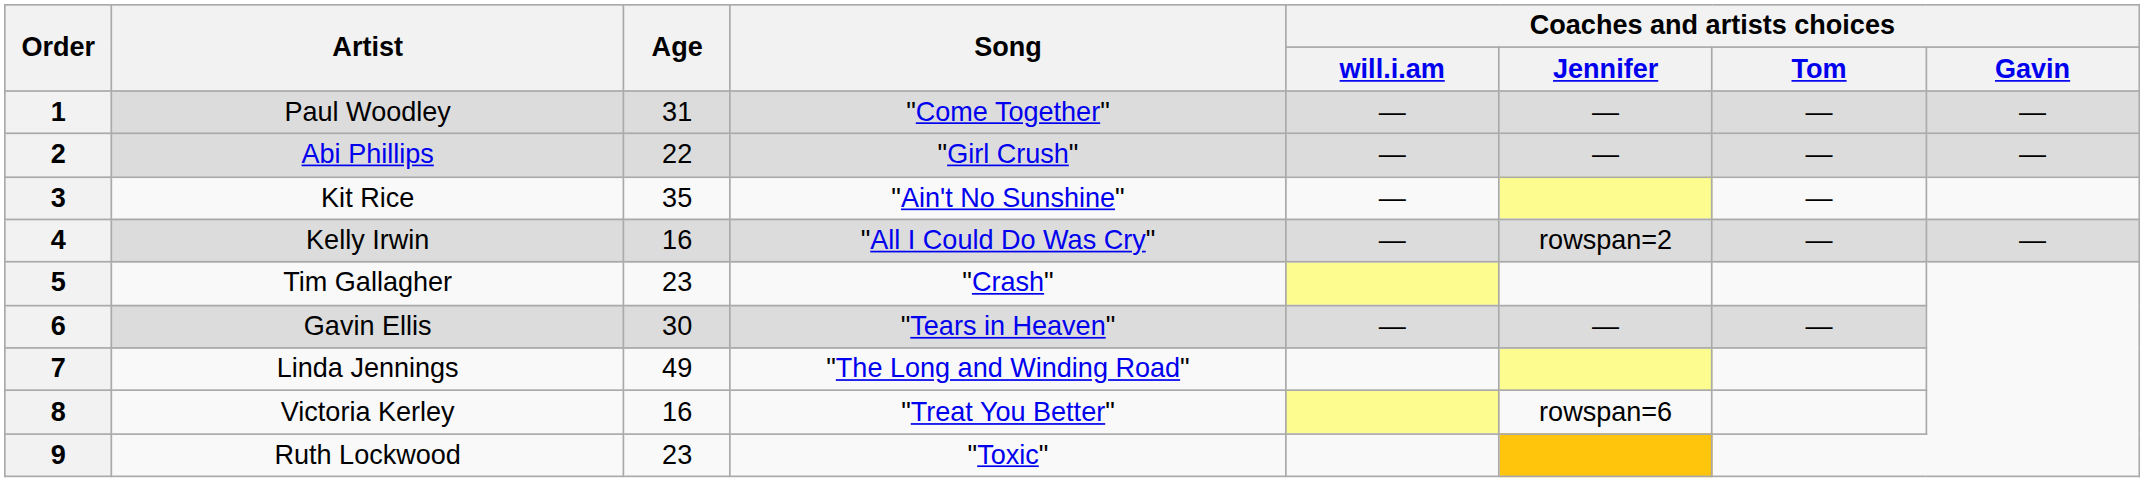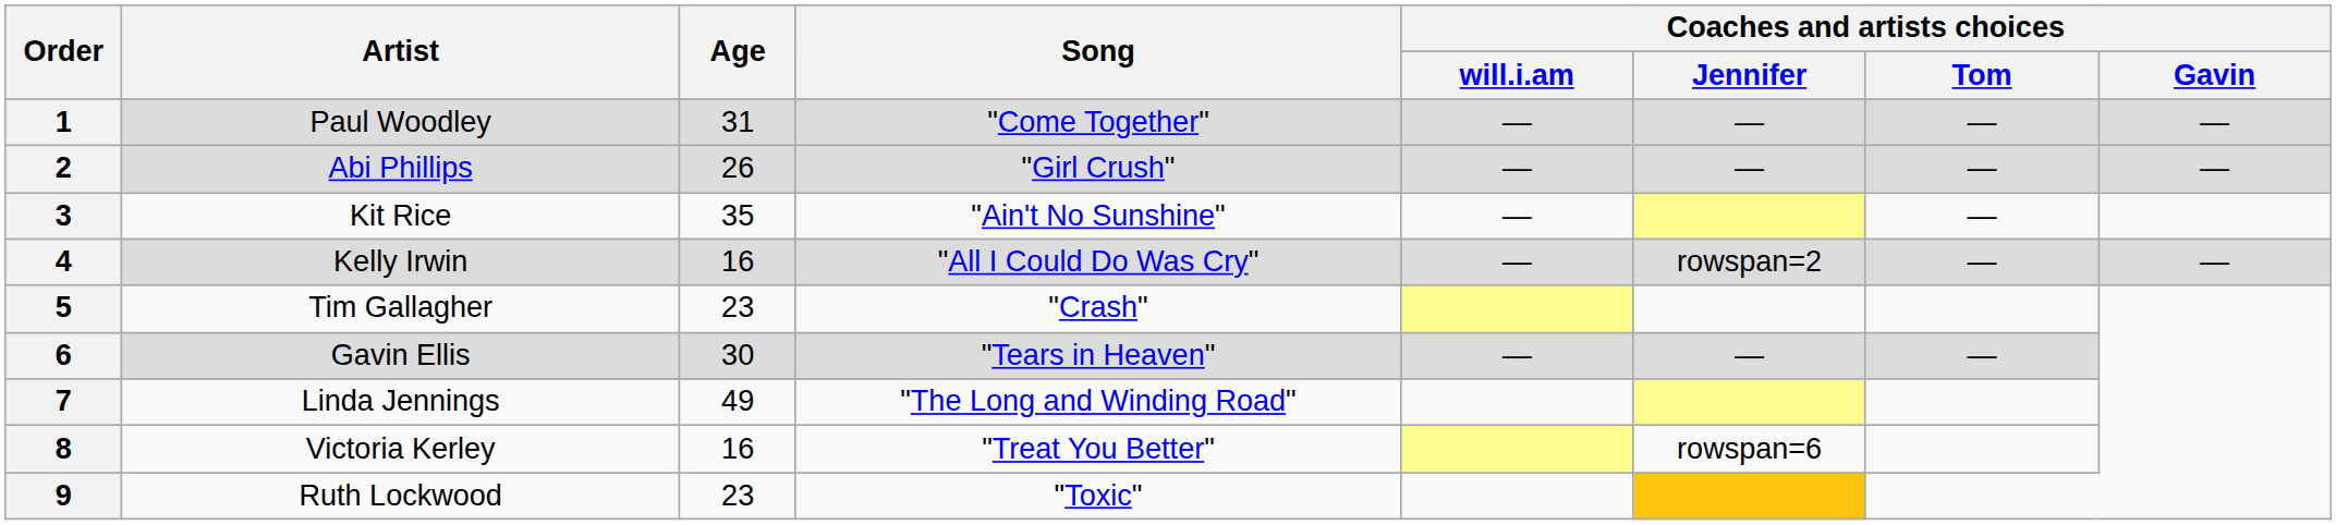 <table class="wikitable" style="text-align:center; width:100%;">
 <tr>
 <th scope="col" rowspan="2" style="width:05%;">Order</th>
 <th scope="col" rowspan="2" style="width:24%;">Artist</th>
 <th scope="col" rowspan="2" style="width:05%;">Age</th>
 <th scope="col" rowspan="2" style="width:26%;">Song</th>
 <th colspan="4" style="width:40%;">Coaches and artists choices</th>
 </tr>
 <tr>
 <th style="width:10%;"><a href='#'>will.i.am</a></th>
 <th style="width:10%;"><a href='#'>Jennifer</a></th>
 <th style="width:10%;"><a href='#'>Tom</a></th>
 <th style="width:10%;"><a href='#'>Gavin</a></th>
 </tr>
 <tr style="background:#DCDCDC">
 <th>1</th>
 <td style="background:#DCDCDC; text-align:center;">Paul Woodley</td>
 <td style="background:#DCDCDC; text-align:center;">31</td>
 <td style="background:#DCDCDC; text-align:center;">"<a href='#'>Come Together</a>"</td>
 <td>—</td>
 <td>—</td>
 <td>—</td>
 <td>—</td>
 </tr>
 <tr style="background:#DCDCDC">
 <th>2</th>
 <td style="background:#DCDCDC; text-align:center;"><a href='#'>Abi Phillips</a></td>
-<td style="background:#DCDCDC; text-align:center;">22</td>
+<td style="background:#DCDCDC; text-align:center;">26</td>
 <td style="background:#DCDCDC; text-align:center;">"<a href='#'>Girl Crush</a>"</td>
 <td>—</td>
 <td>—</td>
 <td>—</td>
 <td>—</td>
 </tr>
 <tr>
 <th>3</th>
 <td>Kit Rice</td>
 <td>35</td>
 <td>"<a href='#'>Ain't No Sunshine</a>"</td>
 <td>—</td>
 <td style="background:#fdfc8f;"><strong></strong></td>
 <td>—</td>
 <td><strong></strong></td>
 </tr>
 <tr style="background:#DCDCDC">
 <th>4</th>
 <td style="background:#DCDCDC; text-align:center;">Kelly Irwin</td>
 <td style="background:#DCDCDC; text-align:center;">16</td>
 <td style="background:#DCDCDC; text-align:center;">"<a href='#'>All I Could Do Was Cry</a>"</td>
 <td>—</td>
 <td>rowspan=2 </td>
 <td>—</td>
 <td>—</td>
 </tr>
 <tr>
 <th>5</th>
 <td>Tim Gallagher</td>
 <td>23</td>
 <td>"<a href='#'>Crash</a>"</td>
 <td style="background:#fdfc8f;"><strong></strong></td>
 <td><strong></strong></td>
 <td><strong></strong></td>
 </tr>
 <tr style="background:#DCDCDC">
 <th>6</th>
 <td style="background:#DCDCDC; text-align:center;">Gavin Ellis</td>
 <td style="background:#DCDCDC; text-align:center;">30</td>
 <td style="background:#DCDCDC; text-align:center;">"<a href='#'>Tears in Heaven</a>"</td>
 <td>—</td>
 <td>—</td>
 <td>—</td>
 </tr>
 <tr>
 <th>7</th>
 <td>Linda Jennings</td>
 <td>49</td>
 <td>"<a href='#'>The Long and Winding Road</a>"</td>
 <td><strong></strong></td>
 <td style="background:#fdfc8f;"><strong></strong></td>
 <td><strong></strong></td>
 </tr>
 <tr>
 <th>8</th>
 <td>Victoria Kerley</td>
 <td>16</td>
 <td>"<a href='#'>Treat You Better</a>"</td>
 <td style="background:#fdfc8f;"><strong></strong></td>
 <td>rowspan=6 </td>
 <td><strong></strong></td>
 </tr>
 <tr>
 <th>9</th>
 <td>Ruth Lockwood</td>
 <td>23</td>
 <td>"<a href='#'>Toxic</a>"</td>
 <td></td>
 <td style="background:#FFC40C;text-align:center;"><strong></strong></td>
 </tr>
 </table>
